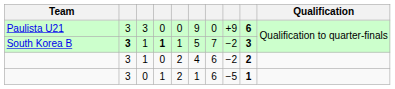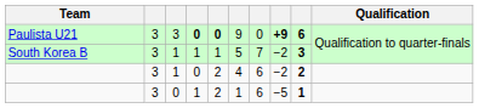 <table class="wikitable" style="text-align:center;">
 <tr>
 <th width=175>Team</th>
 <th width=20></th>
 <th width=20></th>
 <th width=20></th>
 <th width=20></th>
 <th width=20></th>
 <th width=20></th>
 <th width=20></th>
 <th width=20></th>
 <th>Qualification</th>
 </tr>
 <tr bgcolor="#ccffcc">
 <td align="left"> <a href='#'>Paulista U21</a></td>
 <td>3</td>
 <td>3</td>
-<td>0</td>
-<td>0</td>
+<td><strong>0</strong></td>
+<td><strong>0</strong></td>
 <td>9</td>
 <td>0</td>
-<td>+9</td>
+<td><strong>+9</strong></td>
 <td><strong>6</strong></td>
 <td rowspan="2">Qualification to quarter-finals</td>
 </tr>
 <tr bgcolor="#ccffcc">
 <td align="left"> <a href='#'>South Korea B</a></td>
-<td><strong>3</strong></td>
+<td>3</td>
 <td>1</td>
-<td><strong>1</strong></td>
+<td>1</td>
 <td>1</td>
 <td>5</td>
 <td>7</td>
 <td>−2</td>
 <td><strong>3</strong></td>
 </tr>
 <tr>
 <td align="left"></td>
 <td>3</td>
 <td>1</td>
 <td>0</td>
 <td>2</td>
 <td>4</td>
 <td>6</td>
 <td>−2</td>
 <td><strong>2</strong></td>
 <td></td>
 </tr>
 <tr>
 <td align="left"></td>
 <td>3</td>
 <td>0</td>
 <td>1</td>
 <td>2</td>
 <td>1</td>
 <td>6</td>
 <td>−5</td>
 <td><strong>1</strong></td>
 <td></td>
 </tr>
 </table>
